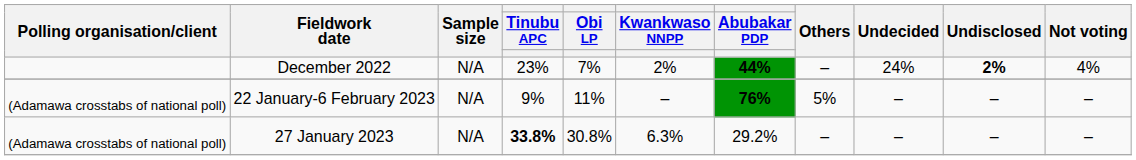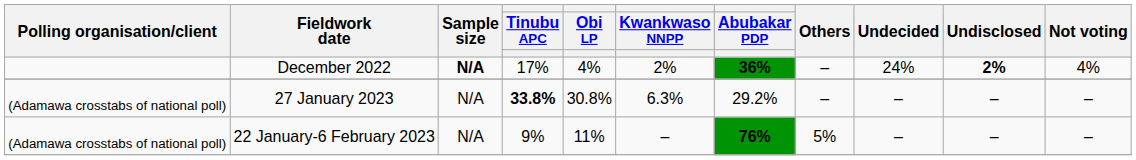 <table class="wikitable" style="text-align:center;font-size:95%;line-height:14px;">
 <tr>
 <th rowspan="3">Polling organisation/client</th>
 <th rowspan="3">Fieldwork<br>date</th>
 <th rowspan="3">Sample<br>size</th>
 <th></th>
 <th></th>
 <th></th>
 <th></th>
 <th rowspan="3">Others</th>
 <th rowspan="3">Undecided</th>
 <th rowspan="3">Undisclosed</th>
 <th rowspan="3">Not voting</th>
 </tr>
 <tr>
 <th><a href='#'>Tinubu</a><br><small><a href='#'>APC</a></small></th>
 <th><a href='#'>Obi</a><br><small><a href='#'>LP</a></small></th>
 <th><a href='#'>Kwankwaso</a><br><small><a href='#'>NNPP</a></small></th>
 <th><a href='#'>Abubakar</a><br><small><a href='#'>PDP</a></small></th>
 </tr>
 <tr>
 <th style="background:"></th>
 <th style="background:"></th>
 <th style="background:"></th>
 <th style="background:"></th>
 </tr>
 <tr>
 <td></td>
 <td>December 2022</td>
-<td>N/A</td>
-<td>23%</td>
-<td>7%</td>
+<td><strong>N/A</strong></td>
+<td>17%</td>
+<td>4%</td>
 <td>2%</td>
-<td bgcolor=#009404><strong>44%</strong></td>
+<td bgcolor=#009404><strong>36%</strong></td>
 <td>–</td>
 <td>24%</td>
 <td><strong>2%</strong></td>
 <td>4%</td>
 </tr>
 <tr>
+</tr>
+<tr>
+<td><br><small>(Adamawa crosstabs of national poll)</small></td>
+<td>27 January 2023</td>
+<td>N/A</td>
+<td><strong>33.8%</strong></td>
+<td>30.8%</td>
+<td>6.3%</td>
+<td>29.2%</td>
+<td>–</td>
+<td>–</td>
+<td>–</td>
+<td>–</td>
 </tr>
 <tr>
 <td><br><small>(Adamawa crosstabs of national poll)</small></td>
 <td>22 January-6 February 2023</td>
 <td>N/A</td>
 <td>9%</td>
 <td>11%</td>
 <td>–</td>
 <td bgcolor=#009404><strong>76%</strong></td>
 <td>5%</td>
 <td>–</td>
 <td>–</td>
 <td>–</td>
 </tr>
 <tr>
-<td><br><small>(Adamawa crosstabs of national poll)</small></td>
-<td>27 January 2023</td>
-<td>N/A</td>
-<td><strong>33.8%</strong></td>
-<td>30.8%</td>
-<td>6.3%</td>
-<td>29.2%</td>
-<td>–</td>
-<td>–</td>
-<td>–</td>
-<td>–</td>
-</tr>
-<tr>
 </tr>
 </table>
